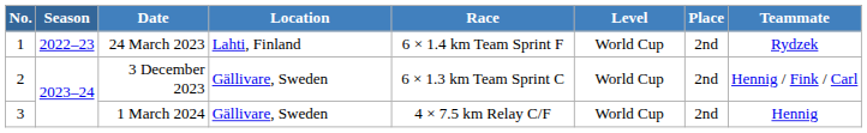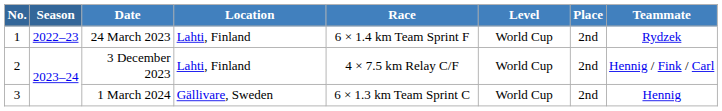 <table class="wikitable sortable" style="font-size:95%; text-align:center; border:grey solid 1px; border-collapse:collapse; background:#ffffff;">
 <tr style="background:#efefef;">
 <th style="background-color:#369; color:white;">No.</th>
 <th style="background-color:#369; color:white;">Season</th>
 <th style="background-color:#4180be; color:white; width:100px;">Date</th>
 <th style="background-color:#4180be; color:white; width:170px;">Location</th>
 <th style="background-color:#4180be; color:white; width:170px;">Race</th>
 <th style="background-color:#4180be; color:white; width:100px;">Level</th>
 <th style="background-color:#4180be; color:white;">Place</th>
 <th style="background-color:#4180be; color:white;">Teammate</th>
 </tr>
 <tr>
 <td align=center>1</td>
 <td rowspan=1 align=center><a href='#'>2022–23</a></td>
 <td align=right>24 March 2023</td>
 <td align=left> <a href='#'>Lahti</a>, Finland</td>
 <td>6  × 1.4 km Team Sprint F</td>
 <td>World Cup</td>
 <td>2nd</td>
 <td><a href='#'>Rydzek</a></td>
 </tr>
 <tr>
 <td align=center>2</td>
 <td rowspan=2 align=center><a href='#'>2023–24</a></td>
 <td align=right>3 December 2023</td>
-<td align=left> <a href='#'>Gällivare</a>, Sweden</td>
-<td>6  × 1.3 km Team Sprint C</td>
+<td align=left> <a href='#'>Lahti</a>, Finland</td>
+<td>4  × 7.5 km Relay C/F</td>
 <td>World Cup</td>
 <td>2nd</td>
 <td><a href='#'>Hennig</a> / <a href='#'>Fink</a> / <a href='#'>Carl</a></td>
 </tr>
 <tr>
 <td align=center>3</td>
 <td align=right>1 March 2024</td>
 <td align=left> <a href='#'>Gällivare</a>, Sweden</td>
-<td>4  × 7.5 km Relay C/F</td>
+<td>6  × 1.3 km Team Sprint C</td>
 <td>World Cup</td>
 <td>2nd</td>
 <td><a href='#'>Hennig</a></td>
 </tr>
 </table>
